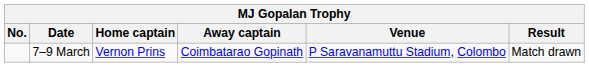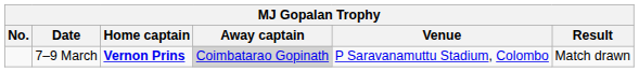 <table class="wikitable">
 <tr>
 <th colspan="9">MJ Gopalan Trophy</th>
 </tr>
 <tr>
 <th>No.</th>
 <th>Date</th>
 <th>Home captain</th>
 <th>Away captain</th>
 <th>Venue</th>
 <th>Result</th>
 </tr>
 <tr>
 <td></td>
 <td>7–9 March</td>
-<td><a href='#'>Vernon Prins</a></td>
-<td><a href='#'>Coimbatarao Gopinath</a></td>
+<td><strong><a href='#'>Vernon Prins</a></strong></td>
+<td style="background: lightgrey;"><a href='#'>Coimbatarao Gopinath</a></td>
 <td><a href='#'>P Saravanamuttu Stadium</a>, <a href='#'>Colombo</a></td>
 <td>Match drawn</td>
 </tr>
 </table>
